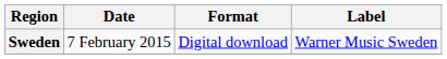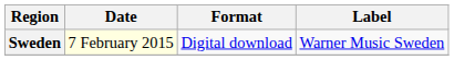 <table class="wikitable plainrowheaders">
 <tr>
 <th scope="col">Region</th>
 <th scope="col">Date</th>
 <th scope="col">Format</th>
 <th scope="col">Label</th>
 </tr>
 <tr>
 <th scope="row">Sweden</th>
-<td>7 February 2015</td>
+<td style="background: lightyellow;">7 February 2015</td>
 <td><a href='#'>Digital download</a></td>
 <td><a href='#'>Warner Music Sweden</a></td>
 </tr>
 <tr>
 </tr>
 </table>
